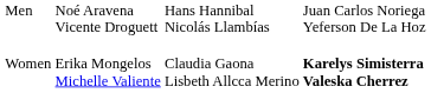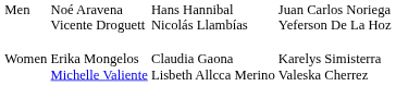 <table>
 <tr>
 <td>Men</td>
 <td nowrap><br>Noé Aravena<br>Vicente Droguett</td>
 <td><br>Hans Hannibal<br>Nicolás Llambías</td>
 <td nowrap><br>Juan Carlos Noriega<br>Yeferson De La Hoz</td>
 </tr>
 <tr>
 <td>Women</td>
 <td nowrap><br>Erika Mongelos<br><a href='#'>Michelle Valiente</a></td>
 <td nowrap><br>Claudia Gaona<br>Lisbeth Allcca Merino</td>
-<td><strong><br>Karelys Simisterra<br>Valeska Cherrez</strong></td>
+<td><br>Karelys Simisterra<br>Valeska Cherrez</td>
 </tr>
 </table>
